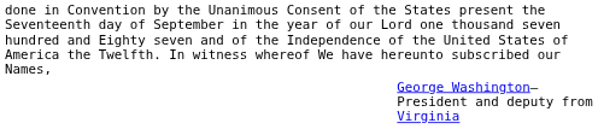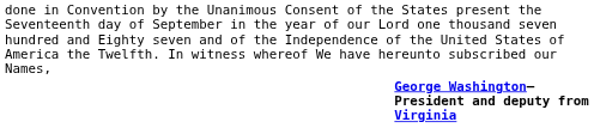 <table class="floatleft" border="0" cellpadding="0" style="width:72%">
 <tr>
 <td style="padding-left: 5%">done in Convention by the Unanimous Consent of the States present the Seventeenth day of September in the year of our Lord one thousand seven hundred and Eighty seven and of the Independence of the United States of America the Twelfth. In witness whereof We have hereunto subscribed our Names,</td>
 </tr>
 <tr>
-<td style="padding-left: 67%"><a href='#'>George Washington</a>—President and deputy from <a href='#'>Virginia</a></td>
+<td style="padding-left: 67%"><strong><a href='#'>George Washington</a>—President and deputy from <a href='#'>Virginia</a></strong></td>
 </tr>
 </table>
